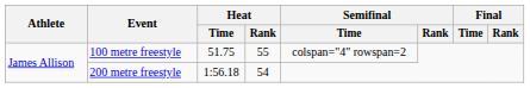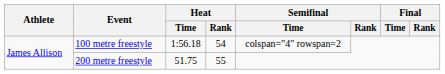 <table class="wikitable" style="text-align:center; font-size:90%; width:50%;">
 <tr>
 <th rowspan="2">Athlete</th>
 <th rowspan="2">Event</th>
 <th colspan="2">Heat</th>
 <th colspan="2">Semifinal</th>
 <th colspan="2">Final</th>
 </tr>
 <tr style="font-size:95%">
 <th>Time</th>
 <th>Rank</th>
 <th>Time</th>
 <th>Rank</th>
 <th>Time</th>
 <th>Rank</th>
 </tr>
 <tr align=center>
 <td align=left rowspan="2"><a href='#'>James Allison</a></td>
 <td align=left><a href='#'>100 metre freestyle</a></td>
-<td>51.75</td>
-<td>55</td>
+<td>1:56.18</td>
+<td>54</td>
 <td>colspan="4" rowspan=2 </td>
 </tr>
 <tr align=center>
 <td align=left><a href='#'>200 metre freestyle</a></td>
-<td>1:56.18</td>
-<td>54</td>
+<td>51.75</td>
+<td>55</td>
 </tr>
 </table>
